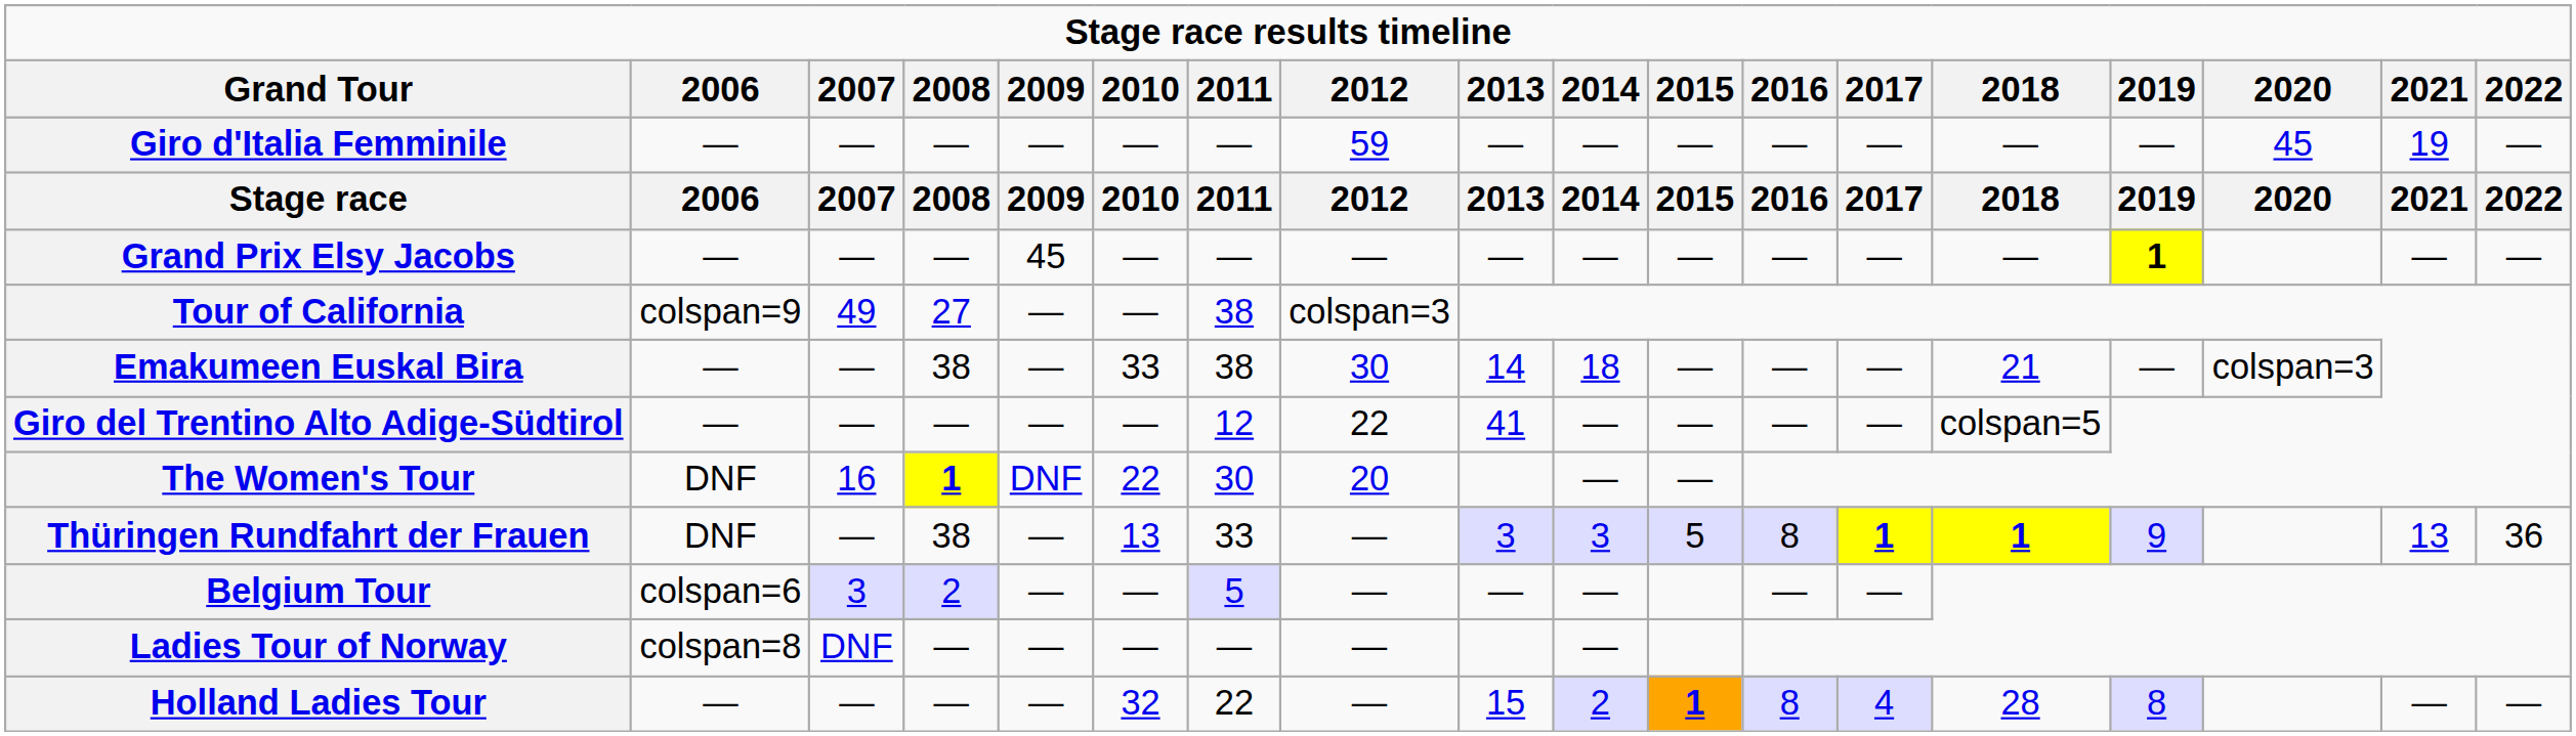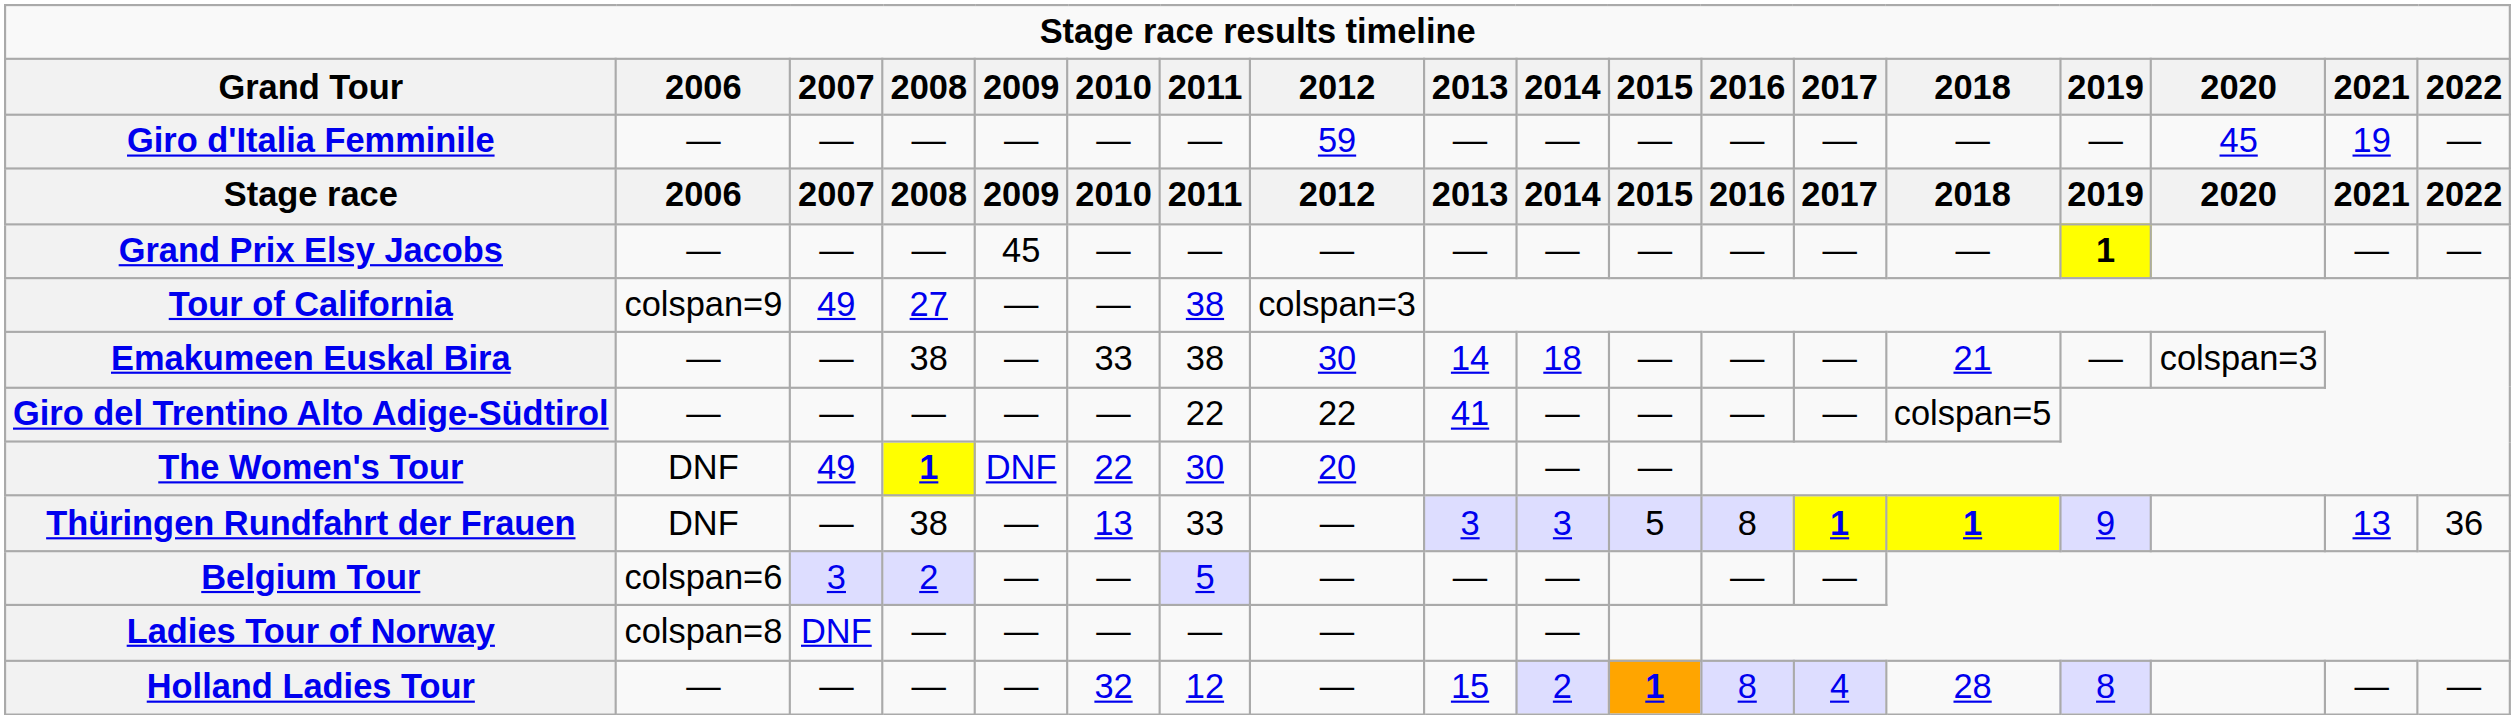 <table class="wikitable plainrowheaders">
 <tr>
 <td colspan=20 align=center><strong>Stage race results timeline</strong></td>
 </tr>
 <tr style="background:#EEEEEE;">
 <th>Grand Tour</th>
 <th>2006</th>
 <th>2007</th>
 <th>2008</th>
 <th>2009</th>
 <th>2010</th>
 <th>2011</th>
 <th>2012</th>
 <th>2013</th>
 <th>2014</th>
 <th>2015</th>
 <th>2016</th>
 <th>2017</th>
 <th>2018</th>
 <th>2019</th>
 <th>2020</th>
 <th>2021</th>
 <th>2022</th>
 </tr>
 <tr style="text-align:center;">
 <th scope="row"><a href='#'>Giro d'Italia Femminile</a></th>
 <td>—</td>
 <td>—</td>
 <td>—</td>
 <td>—</td>
 <td>—</td>
 <td>—</td>
 <td><a href='#'>59</a></td>
 <td>—</td>
 <td>—</td>
 <td>—</td>
 <td>—</td>
 <td>—</td>
 <td>—</td>
 <td>—</td>
 <td><a href='#'>45</a></td>
 <td><a href='#'>19</a></td>
 <td>—</td>
 </tr>
 <tr style="background:#EEEEEE;">
 <th>Stage race</th>
 <th>2006</th>
 <th>2007</th>
 <th>2008</th>
 <th>2009</th>
 <th>2010</th>
 <th>2011</th>
 <th>2012</th>
 <th>2013</th>
 <th>2014</th>
 <th>2015</th>
 <th>2016</th>
 <th>2017</th>
 <th>2018</th>
 <th>2019</th>
 <th>2020</th>
 <th>2021</th>
 <th>2022</th>
 </tr>
 <tr style="text-align:center;">
 <th scope="row"><a href='#'>Grand Prix Elsy Jacobs</a></th>
 <td>—</td>
 <td>—</td>
 <td>—</td>
 <td>45</td>
 <td>—</td>
 <td>—</td>
 <td>—</td>
 <td>—</td>
 <td>—</td>
 <td>—</td>
 <td>—</td>
 <td>—</td>
 <td>—</td>
 <td style="background:yellow;"><strong>1</strong></td>
 <td></td>
 <td>—</td>
 <td>—</td>
 </tr>
 <tr style="text-align:center;">
 <th scope="row"><a href='#'>Tour of California</a></th>
 <td>colspan=9 </td>
 <td><a href='#'>49</a></td>
 <td><a href='#'>27</a></td>
 <td>—</td>
 <td>—</td>
 <td><a href='#'>38</a></td>
 <td>colspan=3 </td>
 </tr>
 <tr style="text-align:center;">
 <th scope="row"><a href='#'>Emakumeen Euskal Bira</a></th>
 <td>—</td>
 <td>—</td>
 <td>38</td>
 <td>—</td>
 <td>33</td>
 <td>38</td>
 <td><a href='#'>30</a></td>
 <td><a href='#'>14</a></td>
 <td><a href='#'>18</a></td>
 <td>—</td>
 <td>—</td>
 <td>—</td>
 <td><a href='#'>21</a></td>
 <td>—</td>
 <td>colspan=3 </td>
 </tr>
 <tr style="text-align:center;">
 <th scope="row"><a href='#'>Giro del Trentino Alto Adige-Südtirol</a></th>
 <td>—</td>
 <td>—</td>
 <td>—</td>
 <td>—</td>
 <td>—</td>
-<td><a href='#'>12</a></td>
+<td>22</td>
 <td>22</td>
 <td><a href='#'>41</a></td>
 <td>—</td>
 <td>—</td>
 <td>—</td>
 <td>—</td>
 <td>colspan=5 </td>
 </tr>
 <tr style="text-align:center;">
 <th scope="row"><a href='#'>The Women's Tour</a></th>
 <td>DNF</td>
-<td><a href='#'>16</a></td>
+<td><a href='#'>49</a></td>
 <td style="background:yellow;"><strong><a href='#'>1</a></strong></td>
 <td><a href='#'>DNF</a></td>
 <td><a href='#'>22</a></td>
 <td><a href='#'>30</a></td>
 <td><a href='#'>20</a></td>
 <td></td>
 <td>—</td>
 <td>—</td>
 </tr>
 <tr style="text-align:center;">
 <th scope="row"><a href='#'>Thüringen Rundfahrt der Frauen</a></th>
 <td>DNF</td>
 <td>—</td>
 <td>38</td>
 <td>—</td>
 <td><a href='#'>13</a></td>
 <td>33</td>
 <td>—</td>
 <td style="background:#ddf;"><a href='#'>3</a></td>
 <td style="background:#ddf;"><a href='#'>3</a></td>
 <td style="background:#ddf;">5</td>
 <td style="background:#ddf;">8</td>
 <td style="background:yellow;"><strong><a href='#'>1</a></strong></td>
 <td style="background:yellow;"><strong><a href='#'>1</a></strong></td>
 <td style="background:#ddf;"><a href='#'>9</a></td>
 <td></td>
 <td><a href='#'>13</a></td>
 <td>36</td>
 </tr>
 <tr style="text-align:center;">
 <th scope="row"><a href='#'>Belgium Tour</a></th>
 <td>colspan=6 </td>
 <td style="background:#ddf;"><a href='#'>3</a></td>
 <td style="background:#ddf;"><a href='#'>2</a></td>
 <td>—</td>
 <td>—</td>
 <td style="background:#ddf;"><a href='#'>5</a></td>
 <td>—</td>
 <td>—</td>
 <td>—</td>
 <td></td>
 <td>—</td>
 <td>—</td>
 </tr>
 <tr style="text-align:center;">
 <th scope="row"><a href='#'>Ladies Tour of Norway</a></th>
 <td>colspan=8 </td>
 <td><a href='#'>DNF</a></td>
 <td>—</td>
 <td>—</td>
 <td>—</td>
 <td>—</td>
 <td>—</td>
 <td></td>
 <td>—</td>
 <td></td>
 </tr>
 <tr style="text-align:center;">
 <th scope="row"><a href='#'>Holland Ladies Tour</a></th>
 <td>—</td>
 <td>—</td>
 <td>—</td>
 <td>—</td>
 <td><a href='#'>32</a></td>
-<td>22</td>
+<td><a href='#'>12</a></td>
 <td>—</td>
 <td><a href='#'>15</a></td>
 <td style="background:#ddf;"><a href='#'>2</a></td>
 <td style="background:orange;"><strong><a href='#'>1</a></strong></td>
 <td style="background:#ddf;"><a href='#'>8</a></td>
 <td style="background:#ddf;"><a href='#'>4</a></td>
 <td><a href='#'>28</a></td>
 <td style="background:#ddf;"><a href='#'>8</a></td>
 <td></td>
 <td>—</td>
 <td>—</td>
 </tr>
 </table>
